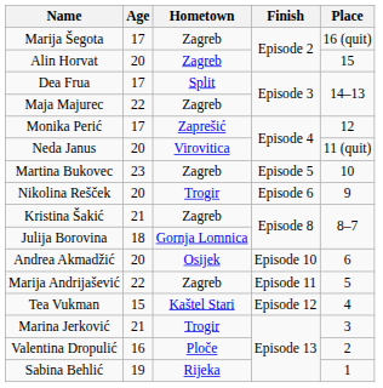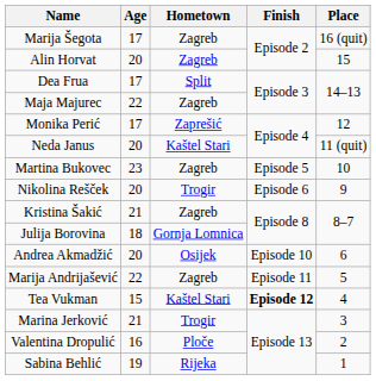 <table class="wikitable sortable" style="text-align:center;">
 <tr>
 <th>Name</th>
 <th>Age</th>
 <th>Hometown</th>
 <th>Finish</th>
 <th>Place</th>
 </tr>
 <tr>
 <td>Marija Šegota</td>
 <td>17</td>
 <td>Zagreb</td>
 <td rowspan="2">Episode 2</td>
 <td>16 (quit)</td>
 </tr>
 <tr>
 <td>Alin Horvat</td>
 <td>20</td>
 <td><a href='#'>Zagreb</a></td>
 <td>15</td>
 </tr>
 <tr>
 <td>Dea Frua</td>
 <td>17</td>
 <td><a href='#'>Split</a></td>
 <td rowspan="2">Episode 3</td>
 <td rowspan="2">14–13</td>
 </tr>
 <tr>
 <td>Maja Majurec</td>
 <td>22</td>
 <td>Zagreb</td>
 </tr>
 <tr>
 <td>Monika Perić</td>
 <td>17</td>
 <td><a href='#'>Zaprešić</a></td>
 <td rowspan="2">Episode 4</td>
 <td>12</td>
 </tr>
 <tr>
 <td>Neda Janus</td>
 <td>20</td>
-<td><a href='#'>Virovitica</a></td>
+<td><a href='#'>Kaštel Stari</a></td>
 <td>11 (quit)</td>
 </tr>
 <tr>
 <td>Martina Bukovec</td>
 <td>23</td>
 <td>Zagreb</td>
 <td>Episode 5</td>
 <td>10</td>
 </tr>
 <tr>
 <td>Nikolina Rešček</td>
 <td>20</td>
 <td><a href='#'>Trogir</a></td>
 <td>Episode 6</td>
 <td>9</td>
 </tr>
 <tr>
 <td>Kristina Šakić</td>
 <td>21</td>
 <td>Zagreb</td>
 <td rowspan="2">Episode 8</td>
 <td rowspan="2">8–7</td>
 </tr>
 <tr>
 <td>Julija Borovina</td>
 <td>18</td>
 <td><a href='#'>Gornja Lomnica</a></td>
 </tr>
 <tr>
 <td>Andrea Akmadžić</td>
 <td>20</td>
 <td><a href='#'>Osijek</a></td>
 <td>Episode 10</td>
 <td>6</td>
 </tr>
 <tr>
 <td>Marija Andrijašević</td>
 <td>22</td>
 <td>Zagreb</td>
 <td>Episode 11</td>
 <td>5</td>
 </tr>
 <tr>
 <td>Tea Vukman</td>
 <td>15</td>
 <td><a href='#'>Kaštel Stari</a></td>
-<td>Episode 12</td>
+<td><strong>Episode 12</strong></td>
 <td>4</td>
 </tr>
 <tr>
 <td>Marina Jerković</td>
 <td>21</td>
 <td><a href='#'>Trogir</a></td>
 <td rowspan="3">Episode 13</td>
 <td>3</td>
 </tr>
 <tr>
 <td>Valentina Dropulić</td>
 <td>16</td>
 <td><a href='#'>Ploče</a></td>
 <td>2</td>
 </tr>
 <tr>
 <td>Sabina Behlić</td>
 <td>19</td>
 <td><a href='#'>Rijeka</a></td>
 <td>1</td>
 </tr>
 </table>
